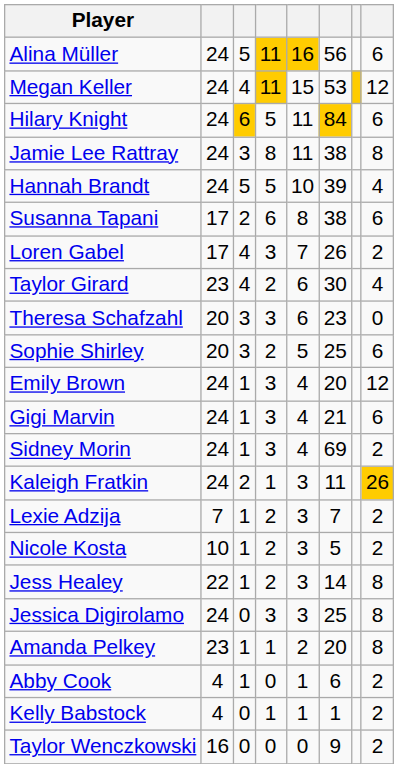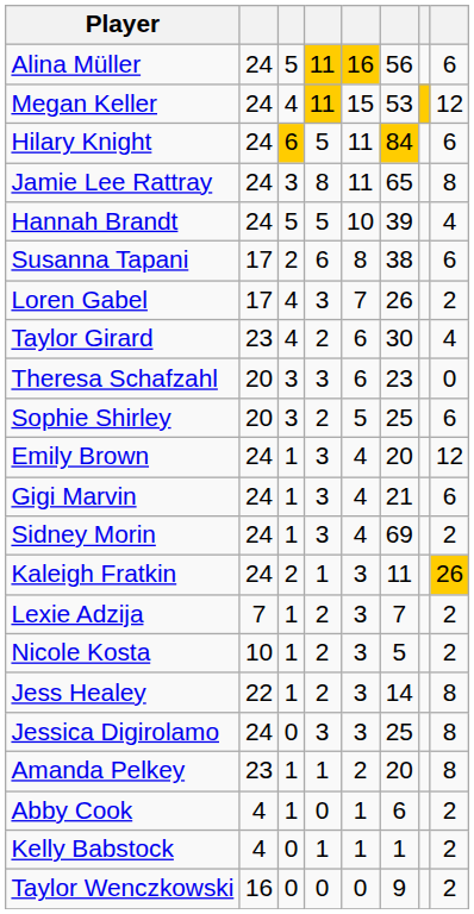 <table class="wikitable sortable" style="text-align:center;">
 <tr>
 <th>Player</th>
 <th></th>
 <th></th>
 <th></th>
 <th></th>
 <th></th>
 <th data-sort-type="number"></th>
 <th></th>
 </tr>
 <tr>
 <td style="text-align:left;"><a href='#'>Alina Müller</a></td>
 <td>24</td>
 <td>5</td>
 <td style="background:#fc0;">11</td>
 <td style="background:#fc0;">16</td>
 <td>56</td>
 <td></td>
 <td>6</td>
 </tr>
 <tr>
 <td style="text-align:left;"><a href='#'>Megan Keller</a></td>
 <td>24</td>
 <td>4</td>
 <td style="background:#fc0;">11</td>
 <td>15</td>
 <td>53</td>
 <td style="background:#fc0;"></td>
 <td>12</td>
 </tr>
 <tr>
 <td style="text-align:left;"><a href='#'>Hilary Knight</a></td>
 <td>24</td>
 <td style="background:#fc0;">6</td>
 <td>5</td>
 <td>11</td>
 <td style="background:#fc0;">84</td>
 <td></td>
 <td>6</td>
 </tr>
 <tr>
 <td style="text-align:left;"><a href='#'>Jamie Lee Rattray</a></td>
 <td>24</td>
 <td>3</td>
 <td>8</td>
 <td>11</td>
-<td>38</td>
+<td>65</td>
 <td></td>
 <td>8</td>
 </tr>
 <tr>
 <td style="text-align:left;"><a href='#'>Hannah Brandt</a></td>
 <td>24</td>
 <td>5</td>
 <td>5</td>
 <td>10</td>
 <td>39</td>
 <td></td>
 <td>4</td>
 </tr>
 <tr>
 <td style="text-align:left;"><a href='#'>Susanna Tapani</a></td>
 <td>17</td>
 <td>2</td>
 <td>6</td>
 <td>8</td>
 <td>38</td>
 <td></td>
 <td>6</td>
 </tr>
 <tr>
 <td style="text-align:left;"><a href='#'>Loren Gabel</a></td>
 <td>17</td>
 <td>4</td>
 <td>3</td>
 <td>7</td>
 <td>26</td>
 <td></td>
 <td>2</td>
 </tr>
 <tr>
 <td style="text-align:left;"><a href='#'>Taylor Girard</a></td>
 <td>23</td>
 <td>4</td>
 <td>2</td>
 <td>6</td>
 <td>30</td>
 <td></td>
 <td>4</td>
 </tr>
 <tr>
 <td style="text-align:left;"><a href='#'>Theresa Schafzahl</a></td>
 <td>20</td>
 <td>3</td>
 <td>3</td>
 <td>6</td>
 <td>23</td>
 <td></td>
 <td>0</td>
 </tr>
 <tr>
 <td style="text-align:left;"><a href='#'>Sophie Shirley</a></td>
 <td>20</td>
 <td>3</td>
 <td>2</td>
 <td>5</td>
 <td>25</td>
 <td></td>
 <td>6</td>
 </tr>
 <tr>
 <td style="text-align:left;"><a href='#'>Emily Brown</a></td>
 <td>24</td>
 <td>1</td>
 <td>3</td>
 <td>4</td>
 <td>20</td>
 <td></td>
 <td>12</td>
 </tr>
 <tr>
 <td style="text-align:left;"><a href='#'>Gigi Marvin</a></td>
 <td>24</td>
 <td>1</td>
 <td>3</td>
 <td>4</td>
 <td>21</td>
 <td></td>
 <td>6</td>
 </tr>
 <tr>
 <td style="text-align:left;"><a href='#'>Sidney Morin</a></td>
 <td>24</td>
 <td>1</td>
 <td>3</td>
 <td>4</td>
 <td>69</td>
 <td></td>
 <td>2</td>
 </tr>
 <tr>
 <td style="text-align:left;"><a href='#'>Kaleigh Fratkin</a></td>
 <td>24</td>
 <td>2</td>
 <td>1</td>
 <td>3</td>
 <td>11</td>
 <td></td>
 <td style="background:#fc0;">26</td>
 </tr>
 <tr>
 <td style="text-align:left;"><a href='#'>Lexie Adzija</a></td>
 <td>7</td>
 <td>1</td>
 <td>2</td>
 <td>3</td>
 <td>7</td>
 <td></td>
 <td>2</td>
 </tr>
 <tr>
 <td style="text-align:left;"><a href='#'>Nicole Kosta</a></td>
 <td>10</td>
 <td>1</td>
 <td>2</td>
 <td>3</td>
 <td>5</td>
 <td></td>
 <td>2</td>
 </tr>
 <tr>
 <td style="text-align:left;"><a href='#'>Jess Healey</a></td>
 <td>22</td>
 <td>1</td>
 <td>2</td>
 <td>3</td>
 <td>14</td>
 <td></td>
 <td>8</td>
 </tr>
 <tr>
 <td style="text-align:left;"><a href='#'>Jessica Digirolamo</a></td>
 <td>24</td>
 <td>0</td>
 <td>3</td>
 <td>3</td>
 <td>25</td>
 <td></td>
 <td>8</td>
 </tr>
 <tr>
 <td style="text-align:left;"><a href='#'>Amanda Pelkey</a></td>
 <td>23</td>
 <td>1</td>
 <td>1</td>
 <td>2</td>
 <td>20</td>
 <td></td>
 <td>8</td>
 </tr>
 <tr>
 <td style="text-align:left;"><a href='#'>Abby Cook</a></td>
 <td>4</td>
 <td>1</td>
 <td>0</td>
 <td>1</td>
 <td>6</td>
 <td></td>
 <td>2</td>
 </tr>
 <tr>
 <td style="text-align:left;"><a href='#'>Kelly Babstock</a></td>
 <td>4</td>
 <td>0</td>
 <td>1</td>
 <td>1</td>
 <td>1</td>
 <td></td>
 <td>2</td>
 </tr>
 <tr>
 <td style="text-align:left;"><a href='#'>Taylor Wenczkowski</a></td>
 <td>16</td>
 <td>0</td>
 <td>0</td>
 <td>0</td>
 <td>9</td>
 <td></td>
 <td>2</td>
 </tr>
 </table>
